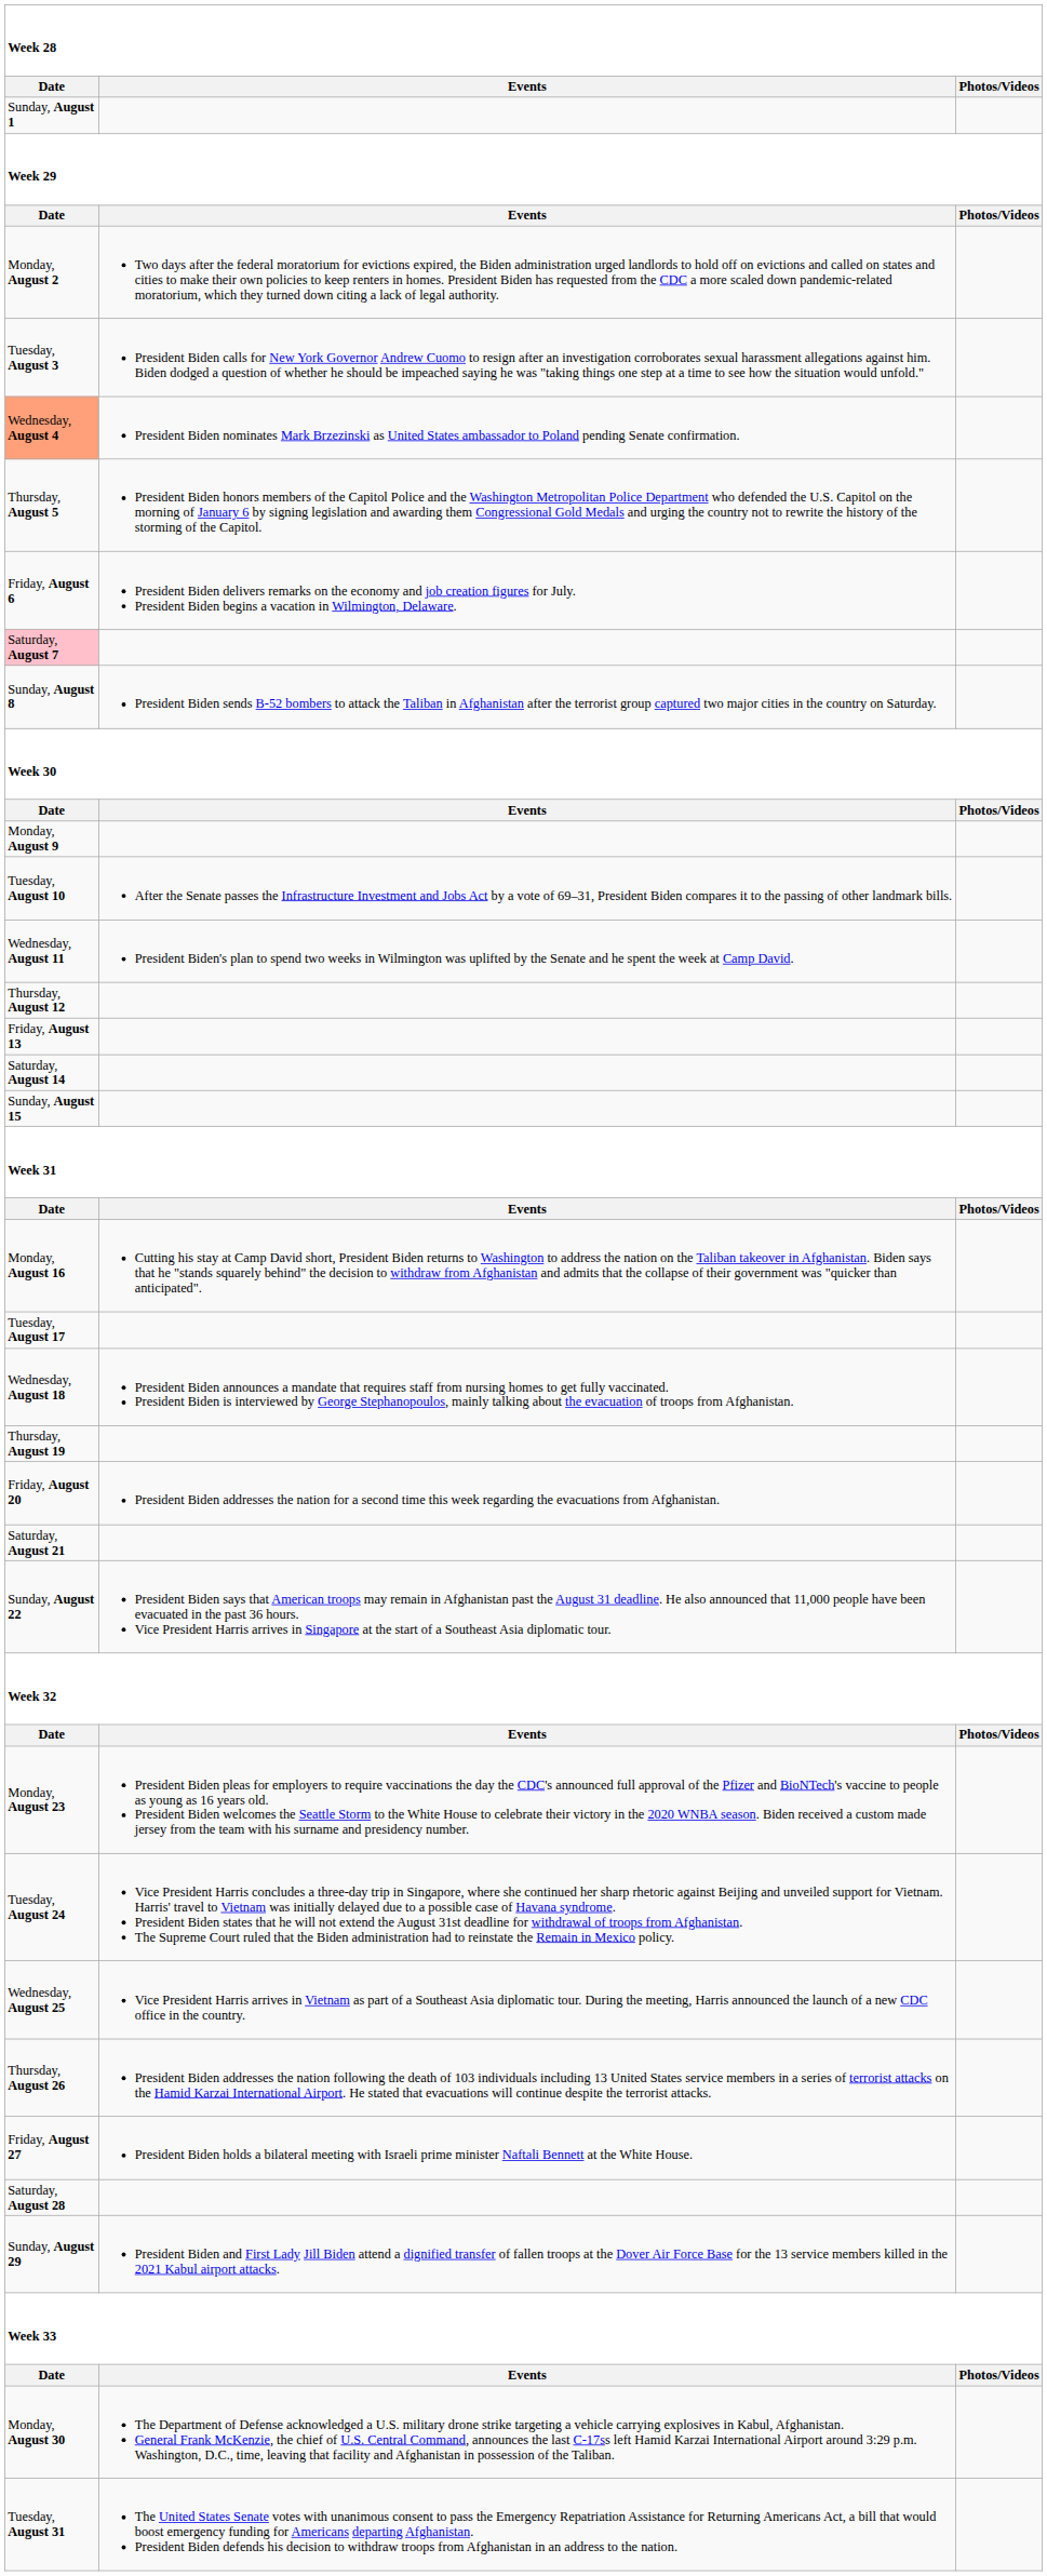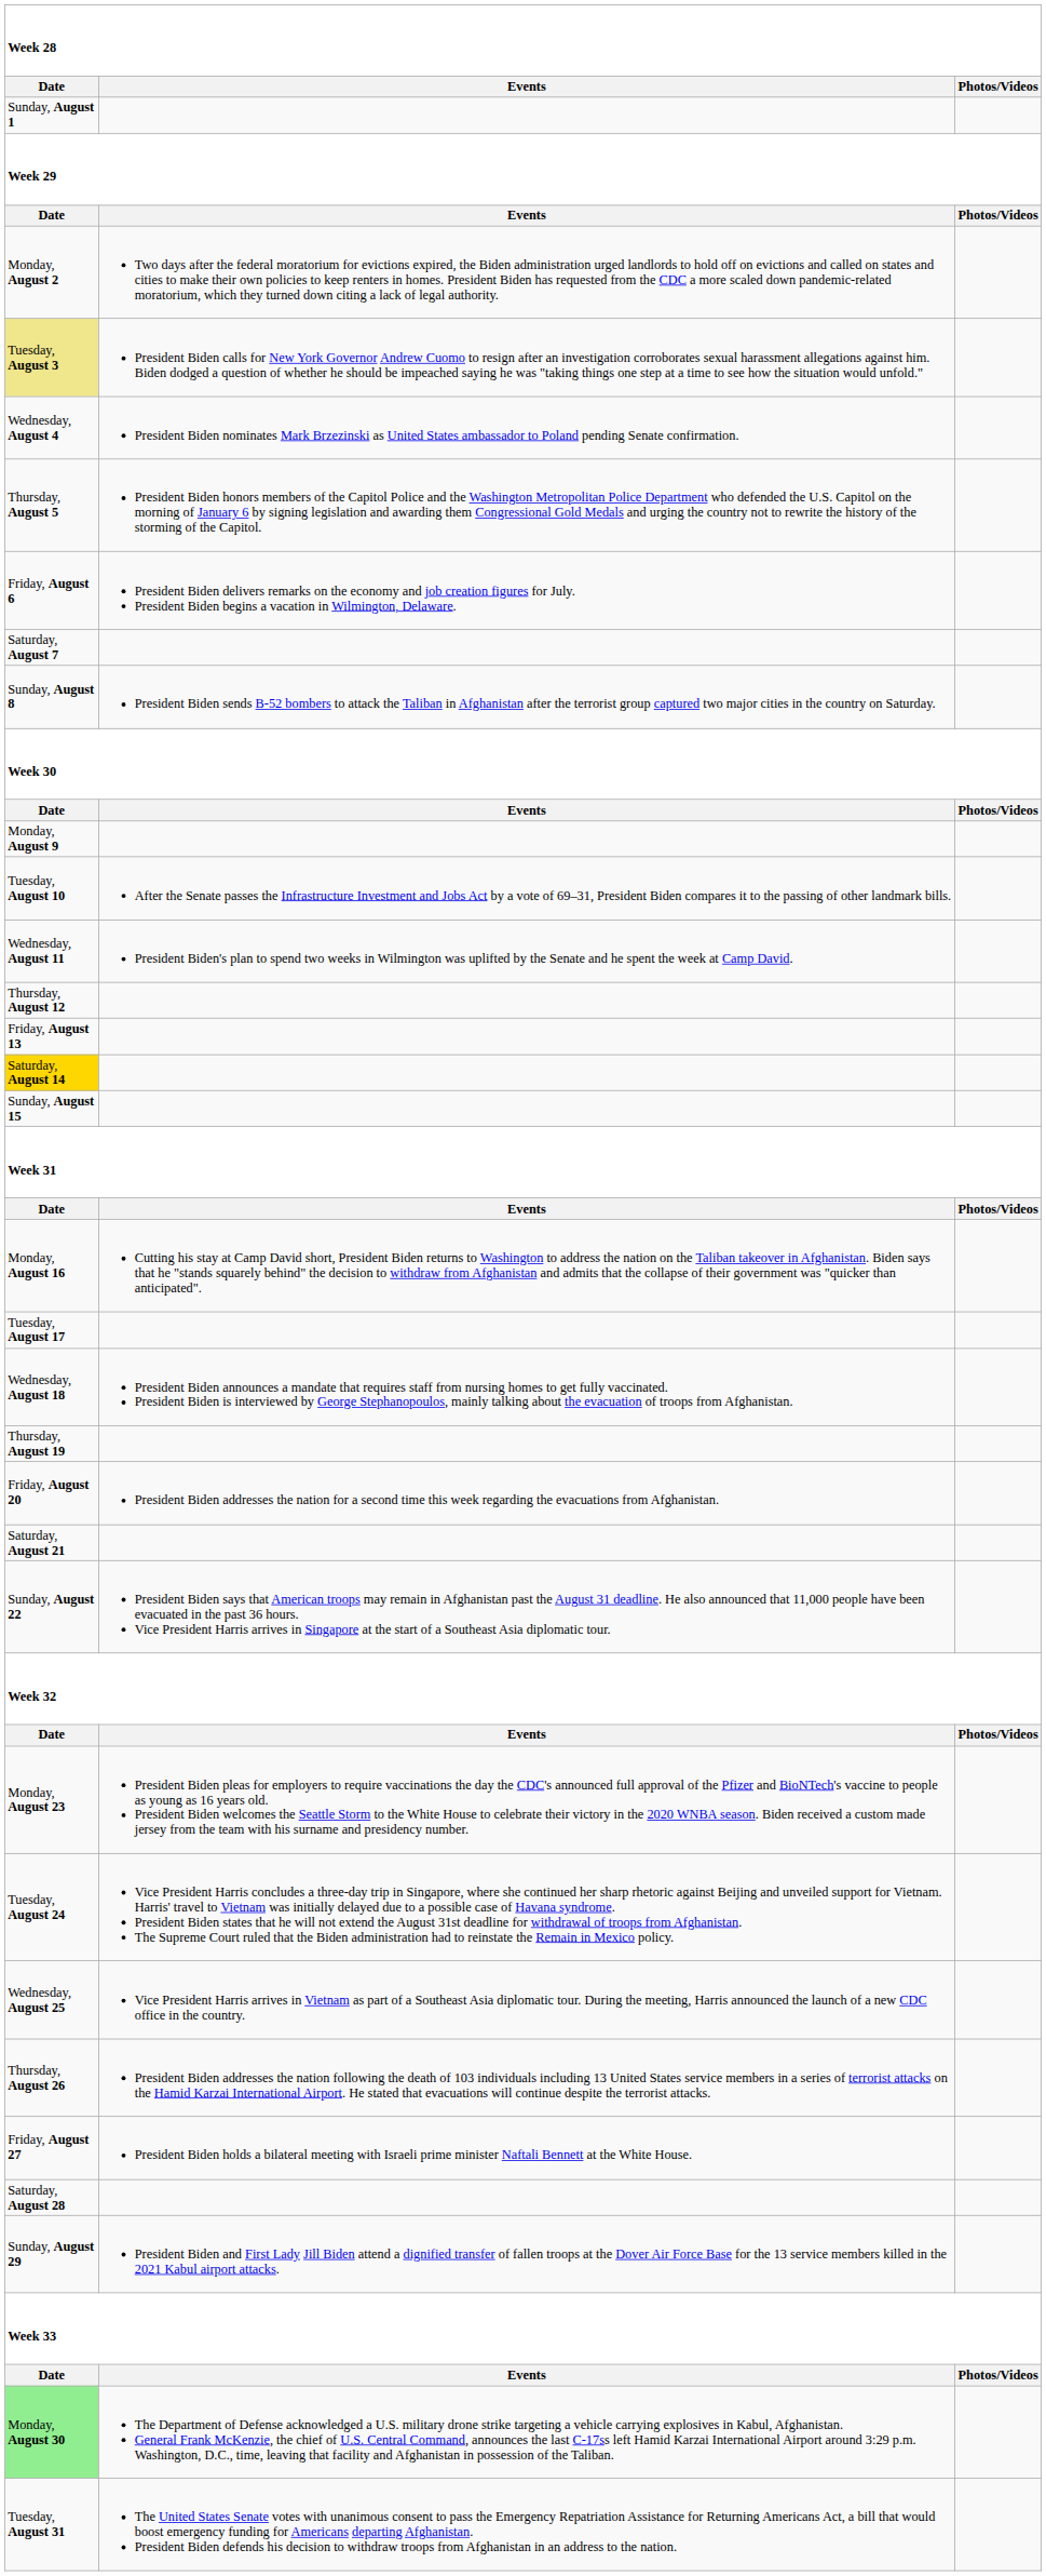 <table class="wikitable">
 <tr style="background:white;">
 <td colspan="3"><br><h4>Week 28</h4></td>
 </tr>
 <tr>
 <th>Date</th>
 <th>Events</th>
 <th>Photos/Videos</th>
 </tr>
 <tr>
 <td>Sunday, <strong>August 1</strong></td>
 <td></td>
 <td></td>
 </tr>
 <tr style="background:white;">
 <td colspan="3"><br><h4>Week 29</h4></td>
 </tr>
 <tr>
 <th>Date</th>
 <th>Events</th>
 <th>Photos/Videos</th>
 </tr>
 <tr>
 <td>Monday, <strong>August 2</strong></td>
 <td><br><ul><li>Two days after the federal moratorium for evictions expired, the Biden administration urged landlords to hold off on evictions and called on states and cities to make their own policies to keep renters in homes. President Biden has requested from the <a href='#'>CDC</a> a more scaled down pandemic-related moratorium, which they turned down citing a lack of legal authority.</li></ul></td>
 <td></td>
 </tr>
 <tr>
-<td>Tuesday, <strong>August 3</strong></td>
+<td style="background: khaki;">Tuesday, <strong>August 3</strong></td>
 <td><br><ul><li>President Biden calls for <a href='#'>New York Governor</a> <a href='#'>Andrew Cuomo</a> to resign after an investigation corroborates sexual harassment allegations against him. Biden dodged a question of whether he should be impeached saying he was "taking things one step at a time to see how the situation would unfold."</li></ul></td>
 <td></td>
 </tr>
 <tr>
-<td style="background: lightsalmon;">Wednesday, <strong>August 4</strong></td>
+<td>Wednesday, <strong>August 4</strong></td>
 <td><br><ul><li>President Biden nominates <a href='#'>Mark Brzezinski</a> as <a href='#'>United States ambassador to Poland</a> pending Senate confirmation.</li></ul></td>
 <td></td>
 </tr>
 <tr>
 <td>Thursday, <strong>August 5</strong></td>
 <td><br><ul><li>President Biden honors members of the Capitol Police and the <a href='#'>Washington Metropolitan Police Department</a> who defended the U.S. Capitol on the morning of <a href='#'>January 6</a> by signing legislation and awarding them <a href='#'>Congressional Gold Medals</a> and urging the country not to rewrite the history of the storming of the Capitol.</li></ul></td>
 <td></td>
 </tr>
 <tr>
 <td>Friday, <strong>August 6</strong></td>
 <td><br><ul><li>President Biden delivers remarks on the economy and <a href='#'>job creation figures</a> for July.</li><li>President Biden begins a vacation in <a href='#'>Wilmington, Delaware</a>.</li></ul></td>
 <td></td>
 </tr>
 <tr>
-<td style="background: pink;">Saturday, <strong>August 7</strong></td>
+<td>Saturday, <strong>August 7</strong></td>
 <td></td>
 <td></td>
 </tr>
 <tr>
 <td>Sunday, <strong>August 8</strong></td>
 <td><br><ul><li>President Biden sends <a href='#'>B-52 bombers</a> to attack the <a href='#'>Taliban</a> in <a href='#'>Afghanistan</a> after the terrorist group <a href='#'>captured</a> two major cities in the country on Saturday.</li></ul></td>
 <td></td>
 </tr>
 <tr style="background:white;">
 <td colspan="3"><br><h4>Week 30</h4></td>
 </tr>
 <tr>
 <th>Date</th>
 <th>Events</th>
 <th>Photos/Videos</th>
 </tr>
 <tr>
 <td>Monday, <strong>August 9</strong></td>
 <td></td>
 <td></td>
 </tr>
 <tr>
 <td>Tuesday, <strong>August 10</strong></td>
 <td><br><ul><li>After the Senate passes the <a href='#'>Infrastructure Investment and Jobs Act</a> by a vote of 69–31, President Biden compares it to the passing of other landmark bills.</li></ul></td>
 <td></td>
 </tr>
 <tr>
 <td>Wednesday, <strong>August 11</strong></td>
 <td><br><ul><li>President Biden's plan to spend two weeks in Wilmington was uplifted by the Senate and he spent the week at <a href='#'>Camp David</a>.</li></ul></td>
 <td></td>
 </tr>
 <tr>
 <td>Thursday, <strong>August 12</strong></td>
 <td></td>
 <td></td>
 </tr>
 <tr>
 <td>Friday, <strong>August 13</strong></td>
 <td></td>
 <td></td>
 </tr>
 <tr>
-<td>Saturday, <strong>August 14</strong></td>
+<td style="background: gold;">Saturday, <strong>August 14</strong></td>
 <td></td>
 <td></td>
 </tr>
 <tr>
 <td>Sunday, <strong>August 15</strong></td>
 <td></td>
 <td></td>
 </tr>
 <tr style="background:white;">
 <td colspan="3"><br><h4>Week 31</h4></td>
 </tr>
 <tr>
 <th>Date</th>
 <th>Events</th>
 <th>Photos/Videos</th>
 </tr>
 <tr>
 <td>Monday, <strong>August 16</strong></td>
 <td><br><ul><li>Cutting his stay at Camp David short, President Biden returns to <a href='#'>Washington</a> to address the nation on the <a href='#'>Taliban takeover in Afghanistan</a>. Biden says that he "stands squarely behind" the decision to <a href='#'>withdraw from Afghanistan</a> and admits that the collapse of their government was "quicker than anticipated".</li></ul></td>
 <td></td>
 </tr>
 <tr>
 <td>Tuesday, <strong>August 17</strong></td>
 <td></td>
 <td></td>
 </tr>
 <tr>
 <td>Wednesday, <strong>August 18</strong></td>
 <td><br><ul><li>President Biden announces a mandate that requires staff from nursing homes to get fully vaccinated.</li><li>President Biden is interviewed by <a href='#'>George Stephanopoulos</a>, mainly talking about <a href='#'>the evacuation</a> of troops from Afghanistan.</li></ul></td>
 <td></td>
 </tr>
 <tr>
 <td>Thursday, <strong>August 19</strong></td>
 <td></td>
 <td></td>
 </tr>
 <tr>
 <td>Friday, <strong>August 20</strong></td>
 <td><br><ul><li>President Biden addresses the nation for a second time this week regarding the evacuations from Afghanistan.</li></ul></td>
 <td></td>
 </tr>
 <tr>
 <td>Saturday, <strong>August 21</strong></td>
 <td></td>
 <td></td>
 </tr>
 <tr>
 <td>Sunday, <strong>August 22</strong></td>
 <td><br><ul><li>President Biden says that <a href='#'>American troops</a> may remain in Afghanistan past the <a href='#'>August 31 deadline</a>. He also announced that 11,000 people have been evacuated in the past 36 hours.</li><li>Vice President Harris arrives in <a href='#'>Singapore</a> at the start of a Southeast Asia diplomatic tour.</li></ul></td>
 <td></td>
 </tr>
 <tr style="background:white;">
 <td colspan="3"><br><h4>Week 32</h4></td>
 </tr>
 <tr>
 <th>Date</th>
 <th>Events</th>
 <th>Photos/Videos</th>
 </tr>
 <tr>
 <td>Monday, <strong>August 23</strong></td>
 <td><br><ul><li>President Biden pleas for employers to require vaccinations the day the <a href='#'>CDC</a>'s announced full approval of the <a href='#'>Pfizer</a> and <a href='#'>BioNTech</a>'s vaccine to people as young as 16 years old.</li><li>President Biden welcomes the <a href='#'>Seattle Storm</a> to the White House to celebrate their victory in the <a href='#'>2020 WNBA season</a>. Biden received a custom made jersey from the team with his surname and presidency number.</li></ul></td>
 <td></td>
 </tr>
 <tr>
 <td>Tuesday, <strong>August 24</strong></td>
 <td><br><ul><li>Vice President Harris concludes a three-day trip in Singapore, where she continued her sharp rhetoric against Beijing and unveiled support for Vietnam. Harris' travel to <a href='#'>Vietnam</a> was initially delayed due to a possible case of <a href='#'>Havana syndrome</a>.</li><li>President Biden states that he will not extend the August 31st deadline for <a href='#'>withdrawal of troops from Afghanistan</a>.</li><li>The Supreme Court ruled that the Biden administration had to reinstate the <a href='#'>Remain in Mexico</a> policy.</li></ul></td>
 <td></td>
 </tr>
 <tr>
 <td>Wednesday, <strong>August 25</strong></td>
 <td><br><ul><li>Vice President Harris arrives in <a href='#'>Vietnam</a> as part of a Southeast Asia diplomatic tour. During the meeting, Harris announced the launch of a new <a href='#'>CDC</a> office in the country.</li></ul></td>
 <td></td>
 </tr>
 <tr>
 <td>Thursday, <strong>August 26</strong></td>
 <td><br><ul><li>President Biden addresses the nation following the death of 103 individuals including 13 United States service members in a series of <a href='#'>terrorist attacks</a> on the <a href='#'>Hamid Karzai International Airport</a>. He stated that evacuations will continue despite the terrorist attacks.</li></ul></td>
 <td></td>
 </tr>
 <tr>
 <td>Friday, <strong>August 27</strong></td>
 <td><br><ul><li>President Biden holds a bilateral meeting with Israeli prime minister <a href='#'>Naftali Bennett</a> at the White House.</li></ul></td>
 <td></td>
 </tr>
 <tr>
 <td>Saturday, <strong>August 28</strong></td>
 <td></td>
 <td></td>
 </tr>
 <tr>
 <td>Sunday, <strong>August 29</strong></td>
 <td><br><ul><li>President Biden and <a href='#'>First Lady</a> <a href='#'>Jill Biden</a> attend a <a href='#'>dignified transfer</a> of fallen troops at the <a href='#'>Dover Air Force Base</a> for the 13 service members killed in the <a href='#'>2021 Kabul airport attacks</a>.</li></ul></td>
 <td></td>
 </tr>
 <tr style="background:white;">
 <td colspan="3"><br><h4>Week 33</h4></td>
 </tr>
 <tr>
 <th>Date</th>
 <th>Events</th>
 <th>Photos/Videos</th>
 </tr>
 <tr>
-<td>Monday, <strong>August 30</strong></td>
+<td style="background: lightgreen;">Monday, <strong>August 30</strong></td>
 <td><br><ul><li>The Department of Defense acknowledged a U.S. military drone strike targeting a vehicle carrying explosives in Kabul, Afghanistan.</li><li><a href='#'>General Frank McKenzie</a>, the chief of <a href='#'>U.S. Central Command</a>, announces the last <a href='#'>C-17s</a>s left Hamid Karzai International Airport around 3:29 p.m. Washington, D.C., time, leaving that facility and Afghanistan in possession of the Taliban.</li></ul></td>
 <td></td>
 </tr>
 <tr>
 <td>Tuesday, <strong>August 31</strong></td>
 <td><br><ul><li>The <a href='#'>United States Senate</a> votes with unanimous consent to pass the Emergency Repatriation Assistance for Returning Americans Act, a bill that would boost emergency funding for <a href='#'>Americans</a> <a href='#'>departing</a> <a href='#'>Afghanistan</a>.</li><li>President Biden defends his decision to withdraw troops from Afghanistan in an address to the nation.</li></ul></td>
 <td></td>
 </tr>
 </table>
